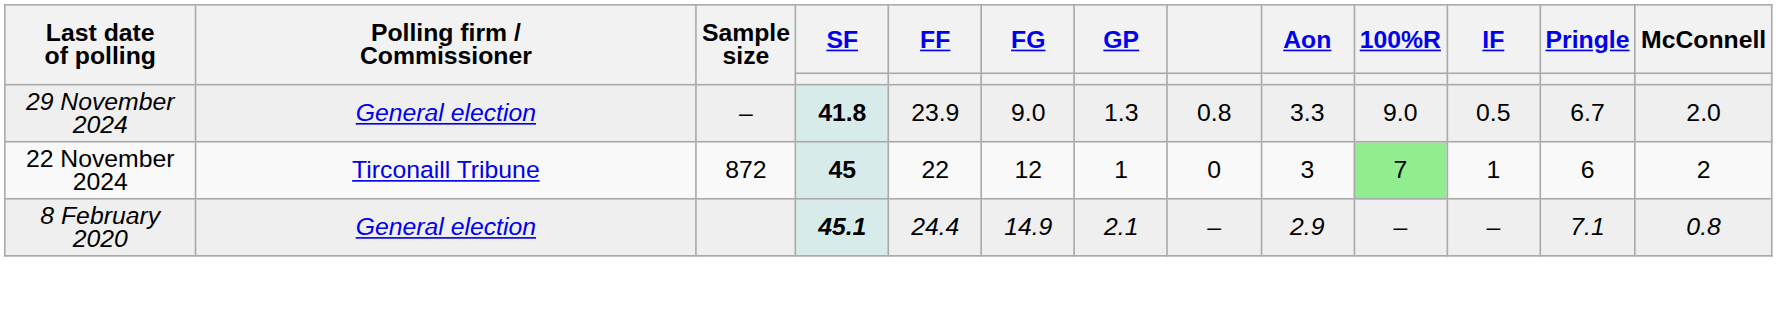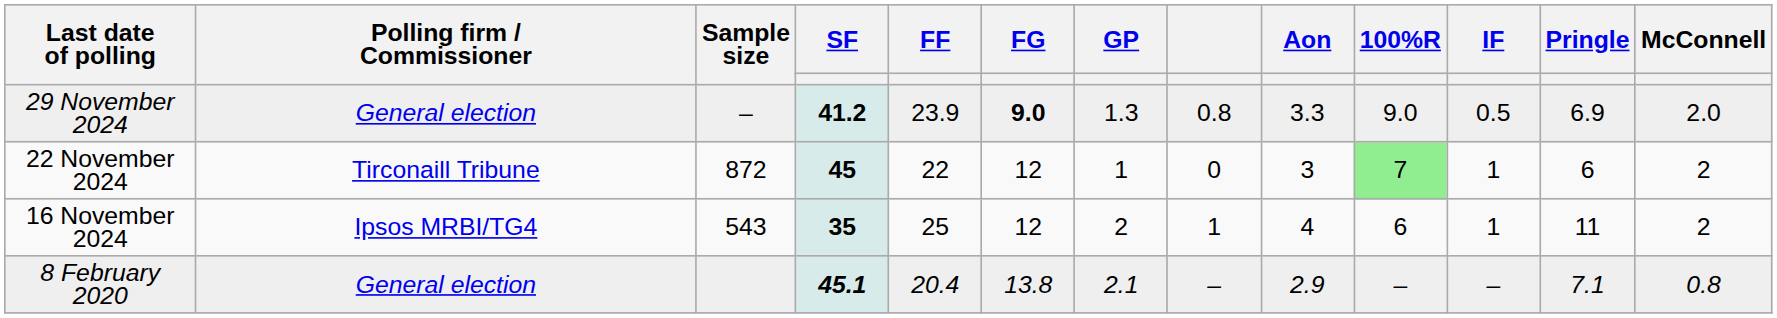 <table class="wikitable sortable collapsible" style="text-align:center;font-size:95%;line-height:14px;">
 <tr style="height:42px;">
 <th style="width:110px;" rowspan="2">Last date<br>of polling</th>
 <th style="width:300px;" rowspan="2">Polling firm /<br>Commissioner</th>
 <th class="unsortable" style="width:50px;" rowspan="2">Sample<br>size</th>
 <th class="unsortable" style="width:50px;"><a href='#'>SF</a></th>
 <th class="unsortable" style="width:50px;"><a href='#'>FF</a></th>
 <th class="unsortable" style="width:50px;"><a href='#'>FG</a></th>
 <th class="unsortable" style="width:50px;"><a href='#'>GP</a></th>
 <th class="unsortable" style="width:50px;"></th>
 <th class="unsortable" style="width:50px;"><a href='#'>Aon</a></th>
 <th class="unsortable" style="width:50px;"><a href='#'>100%R</a></th>
 <th class="unsortable" style="width:50px;"><a href='#'>IF</a></th>
 <th class="unsortable" style="width:50px;"><a href='#'>Pringle</a></th>
 <th class="unsortable" style="width:50px;">McConnell</th>
 </tr>
 <tr>
 <th style="color:inherit;background:"></th>
 <th style="color:inherit;background:"></th>
 <th style="color:inherit;background:"></th>
 <th style="color:inherit;background:"></th>
 <th style="color:inherit;background:"></th>
 <th style="color:inherit;background:"></th>
 <th style="color:inherit;background:"></th>
 <th style="color:inherit;background:"></th>
 <th style="color:inherit;background:"></th>
 <th style="color:inherit;background:"></th>
 </tr>
 <tr style="background:#EFEFEF;">
 <td><em>29 November 2024</em></td>
 <td><em><a href='#'>General election</a></em></td>
 <td>–</td>
-<td style="background:#D7ECEA"><strong>41.8</strong></td>
+<td style="background:#D7ECEA"><strong>41.2</strong></td>
 <td>23.9</td>
-<td>9.0</td>
+<td><strong>9.0</strong></td>
 <td>1.3</td>
 <td>0.8</td>
 <td>3.3</td>
 <td>9.0</td>
 <td>0.5</td>
-<td>6.7</td>
+<td>6.9</td>
 <td>2.0</td>
 </tr>
 <tr>
 <td>22 November 2024</td>
 <td><a href='#'>Tirconaill Tribune</a></td>
 <td>872</td>
 <td style="background:#D7ECEA"><strong>45</strong></td>
 <td>22</td>
 <td>12</td>
 <td>1</td>
 <td>0</td>
 <td>3</td>
 <td style="background: lightgreen;">7</td>
 <td>1</td>
 <td>6</td>
 <td>2</td>
 </tr>
+<tr>
+<td>16 November 2024</td>
+<td><a href='#'>Ipsos MRBI/TG4</a></td>
+<td>543</td>
+<td style="background:#D7ECEA"><strong>35</strong></td>
+<td>25</td>
+<td>12</td>
+<td>2</td>
+<td>1</td>
+<td>4</td>
+<td>6</td>
+<td>1</td>
+<td>11</td>
+<td>2</td>
+</tr>
 <tr style="background:#EFEFEF;">
 <td><em>8 February 2020</em></td>
 <td><em><a href='#'>General election</a></em></td>
 <td></td>
 <td style="background:#D7ECEA"><strong><em>45.1</em></strong></td>
-<td><em>24.4</em></td>
-<td><em>14.9</em></td>
+<td><em>20.4</em></td>
+<td><em>13.8</em></td>
 <td><em>2.1</em></td>
 <td><em>–</em></td>
 <td><em>2.9</em></td>
 <td><em>–</em></td>
 <td><em>–</em></td>
 <td><em>7.1</em></td>
 <td><em>0.8</em></td>
 </tr>
 </table>
